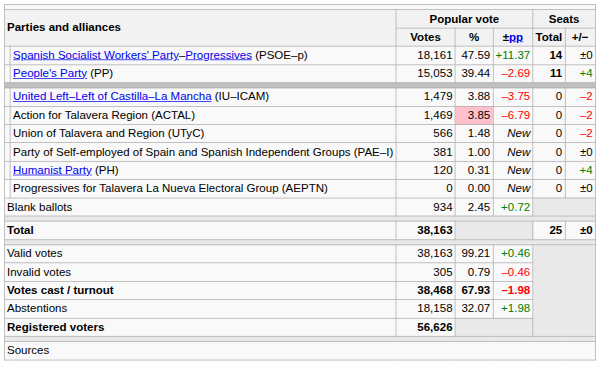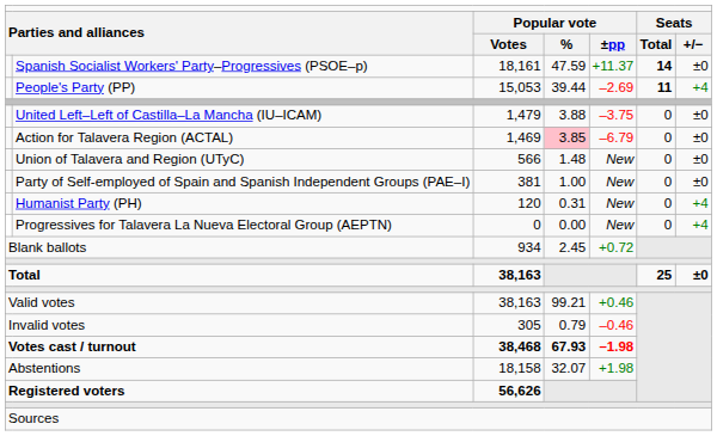 <table class="wikitable" style="text-align:right;">
 <tr>
 <td colspan="7"></td>
 </tr>
 <tr>
 <th style="text-align:left;" rowspan="2" colspan="2" width="525">Parties and alliances</th>
 <th colspan="3">Popular vote</th>
 <th colspan="2">Seats</th>
 </tr>
 <tr>
 <th width="75">Votes</th>
 <th width="45">%</th>
 <th width="45">±<a href='#'>pp</a></th>
 <th width="35">Total</th>
 <th width="35">+/−</th>
 </tr>
 <tr>
 <td width="1" style="color:inherit;background:"></td>
 <td align="left"><a href='#'>Spanish Socialist Workers' Party</a>–<a href='#'>Progressives</a> (PSOE–p)</td>
 <td>18,161</td>
 <td>47.59</td>
 <td style="color:green;">+11.37</td>
 <td><strong>14</strong></td>
 <td>±0</td>
 </tr>
 <tr>
 <td style="color:inherit;background:"></td>
 <td align="left"><a href='#'>People's Party</a> (PP)</td>
 <td>15,053</td>
 <td>39.44</td>
 <td style="color:red;">–2.69</td>
 <td><strong>11</strong></td>
 <td style="color:green;">+4</td>
 </tr>
 <tr>
 <td colspan="7" bgcolor="#C0C0C0"></td>
 </tr>
 <tr>
 <td style="color:inherit;background:"></td>
 <td align="left"><a href='#'>United Left–Left of Castilla–La Mancha</a> (IU–ICAM)</td>
 <td>1,479</td>
 <td>3.88</td>
 <td style="color:red;">–3.75</td>
 <td>0</td>
-<td style="color:red;">–2</td>
+<td>±0</td>
 </tr>
 <tr>
 <td style="color:inherit;background:"></td>
 <td align="left">Action for Talavera Region (ACTAL)</td>
 <td>1,469</td>
 <td style="background: pink;">3.85</td>
 <td style="color:red;">–6.79</td>
 <td>0</td>
-<td style="color:red;">–2</td>
+<td>±0</td>
 </tr>
 <tr>
 <td style="color:inherit;background:"></td>
 <td align="left">Union of Talavera and Region (UTyC)</td>
 <td>566</td>
 <td>1.48</td>
 <td><em>New</em></td>
 <td>0</td>
-<td style="color:red;">–2</td>
+<td>±0</td>
 </tr>
 <tr>
 <td style="color:inherit;background:"></td>
 <td align="left">Party of Self-employed of Spain and Spanish Independent Groups (PAE–I)</td>
 <td>381</td>
 <td>1.00</td>
 <td><em>New</em></td>
 <td>0</td>
 <td>±0</td>
 </tr>
 <tr>
 <td style="color:inherit;background:"></td>
 <td align="left"><a href='#'>Humanist Party</a> (PH)</td>
 <td>120</td>
 <td>0.31</td>
 <td><em>New</em></td>
 <td>0</td>
 <td style="color:green;">+4</td>
 </tr>
 <tr>
 <td bgcolor="white"></td>
 <td align="left">Progressives for Talavera La Nueva Electoral Group (AEPTN)</td>
 <td>0</td>
 <td>0.00</td>
 <td><em>New</em></td>
 <td>0</td>
-<td>±0</td>
+<td style="color:green;">+4</td>
 </tr>
 <tr>
 <td align="left" colspan="2">Blank ballots</td>
 <td>934</td>
 <td>2.45</td>
 <td style="color:green;">+0.72</td>
 <td bgcolor="#E9E9E9" colspan="2"></td>
 </tr>
 <tr>
 <td colspan="7" bgcolor="#E9E9E9"></td>
 </tr>
 <tr style="font-weight:bold;">
 <td align="left" colspan="2">Total</td>
 <td>38,163</td>
 <td bgcolor="#E9E9E9" colspan="2"></td>
 <td>25</td>
 <td>±0</td>
 </tr>
 <tr>
 <td colspan="7" bgcolor="#E9E9E9"></td>
 </tr>
 <tr>
 <td align="left" colspan="2">Valid votes</td>
 <td>38,163</td>
 <td>99.21</td>
 <td style="color:green;">+0.46</td>
 <td bgcolor="#E9E9E9" colspan="2" rowspan="5"></td>
 </tr>
 <tr>
 <td align="left" colspan="2">Invalid votes</td>
 <td>305</td>
 <td>0.79</td>
 <td style="color:red;">–0.46</td>
 </tr>
 <tr style="font-weight:bold;">
 <td align="left" colspan="2">Votes cast / turnout</td>
 <td>38,468</td>
 <td>67.93</td>
 <td style="color:red;">–1.98</td>
 </tr>
 <tr>
 <td align="left" colspan="2">Abstentions</td>
 <td>18,158</td>
 <td>32.07</td>
 <td style="color:green;">+1.98</td>
 </tr>
 <tr style="font-weight:bold;">
 <td align="left" colspan="2">Registered voters</td>
 <td>56,626</td>
 <td bgcolor="#E9E9E9" colspan="2"></td>
 </tr>
 <tr>
 <td colspan="7" bgcolor="#E9E9E9"></td>
 </tr>
 <tr>
 <td align="left" colspan="7">Sources</td>
 </tr>
 </table>
